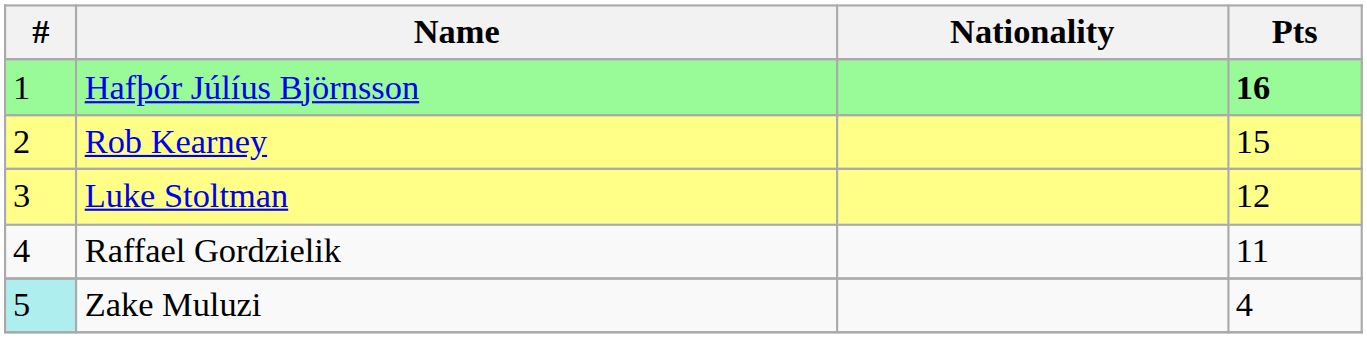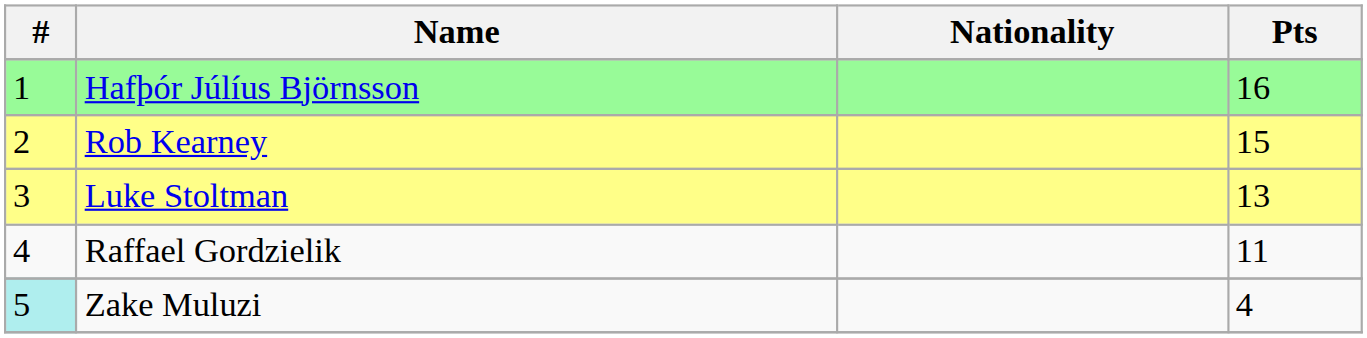 <table class="wikitable" style="display: inline-table; width: 50%;">
 <tr>
 <th>#</th>
 <th>Name</th>
 <th>Nationality</th>
 <th>Pts</th>
 </tr>
 <tr>
 </tr>
 <tr style="background:palegreen">
 <td>1</td>
 <td><a href='#'>Hafþór Júlíus Björnsson</a></td>
 <td></td>
-<td><strong>16</strong></td>
+<td>16</td>
 </tr>
 <tr>
 </tr>
 <tr style="background:#ff8">
 <td>2</td>
 <td><a href='#'>Rob Kearney</a></td>
 <td></td>
 <td>15</td>
 </tr>
 <tr>
 </tr>
 <tr style="background:#ff8">
 <td>3</td>
 <td><a href='#'>Luke Stoltman</a></td>
 <td></td>
-<td>12</td>
+<td>13</td>
 </tr>
 <tr>
 <td>4</td>
 <td>Raffael Gordzielik</td>
 <td></td>
 <td>11</td>
 </tr>
 <tr>
 </tr>
 <tr>
 <td style="background: paleturquoise;">5</td>
 <td>Zake Muluzi</td>
 <td></td>
 <td>4</td>
 </tr>
 <tr>
 </tr>
 </table>
